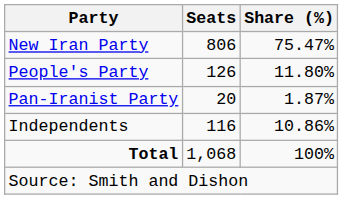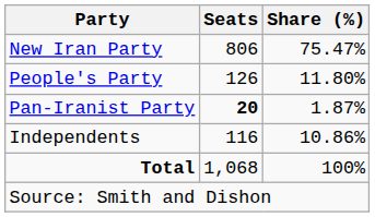 <table class=wikitable style=text-align:right>
 <tr>
 <th>Party</th>
 <th>Seats</th>
 <th>Share (%)</th>
 </tr>
 <tr>
 <td align=left><a href='#'>New Iran Party</a></td>
 <td>806</td>
 <td>75.47%</td>
 </tr>
 <tr>
 <td align=left><a href='#'>People's Party</a></td>
 <td>126</td>
 <td>11.80%</td>
 </tr>
 <tr>
 <td align=left><a href='#'>Pan-Iranist Party</a></td>
-<td>20</td>
+<td><strong>20</strong></td>
 <td>1.87%</td>
 </tr>
 <tr>
 <td align=left>Independents</td>
 <td>116</td>
 <td>10.86%</td>
 </tr>
 <tr>
 <td align=right><strong>Total</strong></td>
 <td align=right>1,068</td>
 <td align=right>100%</td>
 </tr>
 <tr>
 <td colspan=5 align=left>Source: Smith and Dishon</td>
 </tr>
 </table>
